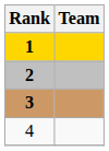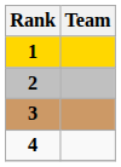 <table class="wikitable" style="text-align:center">
 <tr>
 <th>Rank</th>
 <th>Team</th>
 </tr>
 <tr bgcolor="gold">
 <td><strong>1</strong></td>
 <td align="left"><strong></strong></td>
 </tr>
 <tr bgcolor="silver">
 <td><strong>2</strong></td>
 <td align="left"><strong></strong></td>
 </tr>
 <tr bgcolor="#CC9966">
 <td><strong>3</strong></td>
 <td align="left"><strong></strong></td>
 </tr>
 <tr>
-<td>4</td>
+<td><strong>4</strong></td>
 <td align="left"></td>
 </tr>
 <tr>
 </tr>
 </table>
